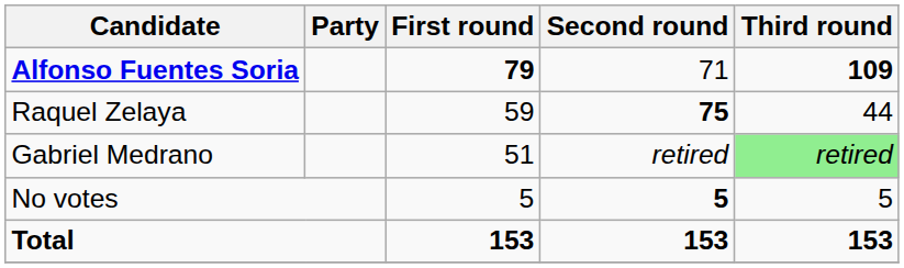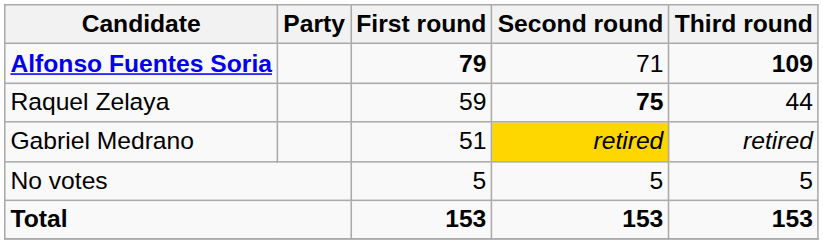 <table class="wikitable">
 <tr>
 <th>Candidate</th>
 <th>Party</th>
 <th>First round</th>
 <th>Second round</th>
 <th>Third round</th>
 </tr>
 <tr>
 <td><strong><a href='#'>Alfonso Fuentes Soria</a></strong></td>
 <td></td>
 <td align=right><strong>79</strong></td>
 <td align=right>71</td>
 <td align=right><strong>109</strong></td>
 </tr>
 <tr>
 <td>Raquel Zelaya</td>
 <td></td>
 <td align=right>59</td>
 <td align=right><strong>75</strong></td>
 <td align=right>44</td>
 </tr>
 <tr>
 <td>Gabriel Medrano</td>
 <td></td>
 <td align=right>51</td>
+<td align=right style="background: gold;"><em>retired</em></td>
 <td align=right><em>retired</em></td>
-<td align=right style="background: lightgreen;"><em>retired</em></td>
 </tr>
 <tr>
 <td colspan=2>No votes</td>
 <td align=right>5</td>
-<td align=right><strong>5</strong></td>
+<td align=right>5</td>
 <td align=right>5</td>
 </tr>
 <tr>
 <td colspan=2><strong>Total</strong></td>
 <td align=right><strong>153</strong></td>
 <td align=right><strong>153</strong></td>
 <td align=right><strong>153</strong></td>
 </tr>
 <tr>
 </tr>
 </table>
